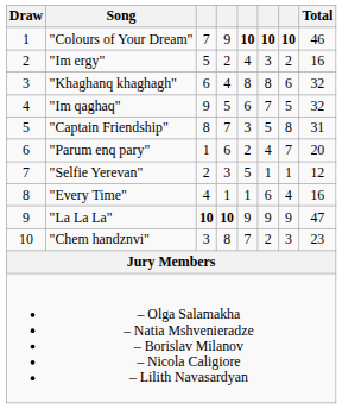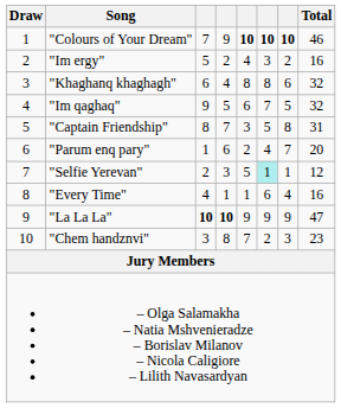 <table class="wikitable collapsible" style="margin: 1em auto 1em auto; text-align:center;">
 <tr>
 <th>Draw</th>
 <th>Song</th>
 <th></th>
 <th></th>
 <th></th>
 <th></th>
 <th></th>
 <th>Total</th>
 </tr>
 <tr>
 <td>1</td>
 <td align=left>"Colours of Your Dream"</td>
 <td>7</td>
 <td>9</td>
 <td><strong>10</strong></td>
 <td><strong>10</strong></td>
 <td><strong>10</strong></td>
 <td>46</td>
 </tr>
 <tr>
 <td>2</td>
 <td align=left>"Im ergy"</td>
 <td>5</td>
 <td>2</td>
 <td>4</td>
 <td>3</td>
 <td>2</td>
 <td>16</td>
 </tr>
 <tr>
 <td>3</td>
 <td align=left>"Khaghanq khaghagh"</td>
 <td>6</td>
 <td>4</td>
 <td>8</td>
 <td>8</td>
 <td>6</td>
 <td>32</td>
 </tr>
 <tr>
 <td>4</td>
 <td align=left>"Im qaghaq"</td>
 <td>9</td>
 <td>5</td>
 <td>6</td>
 <td>7</td>
 <td>5</td>
 <td>32</td>
 </tr>
 <tr>
 <td>5</td>
 <td align=left>"Captain Friendship"</td>
 <td>8</td>
 <td>7</td>
 <td>3</td>
 <td>5</td>
 <td>8</td>
 <td>31</td>
 </tr>
 <tr>
 <td>6</td>
 <td align=left>"Parum enq pary"</td>
 <td>1</td>
 <td>6</td>
 <td>2</td>
 <td>4</td>
 <td>7</td>
 <td>20</td>
 </tr>
 <tr>
 <td>7</td>
 <td align=left>"Selfie Yerevan"</td>
 <td>2</td>
 <td>3</td>
 <td>5</td>
-<td>1</td>
+<td style="background: paleturquoise;">1</td>
 <td>1</td>
 <td>12</td>
 </tr>
 <tr>
 <td>8</td>
 <td align=left>"Every Time"</td>
 <td>4</td>
 <td>1</td>
 <td>1</td>
 <td>6</td>
 <td>4</td>
 <td>16</td>
 </tr>
 <tr>
 <td>9</td>
 <td align=left>"La La La"</td>
 <td><strong>10</strong></td>
 <td><strong>10</strong></td>
 <td>9</td>
 <td>9</td>
 <td>9</td>
 <td>47</td>
 </tr>
 <tr>
 <td>10</td>
 <td align=left>"Chem handznvi"</td>
 <td>3</td>
 <td>8</td>
 <td>7</td>
 <td>2</td>
 <td>3</td>
 <td>23</td>
 </tr>
 <tr class="sortbottom">
 <th colspan="8">Jury Members</th>
 </tr>
 <tr class="sortbottom">
 <td colspan="8"><br><ul><li> – Olga Salamakha</li><li> – Natia Mshvenieradze</li><li> – Borislav Milanov</li><li> – Nicola Caligiore</li><li> – Lilith Navasardyan</li></ul></td>
 </tr>
 </table>
